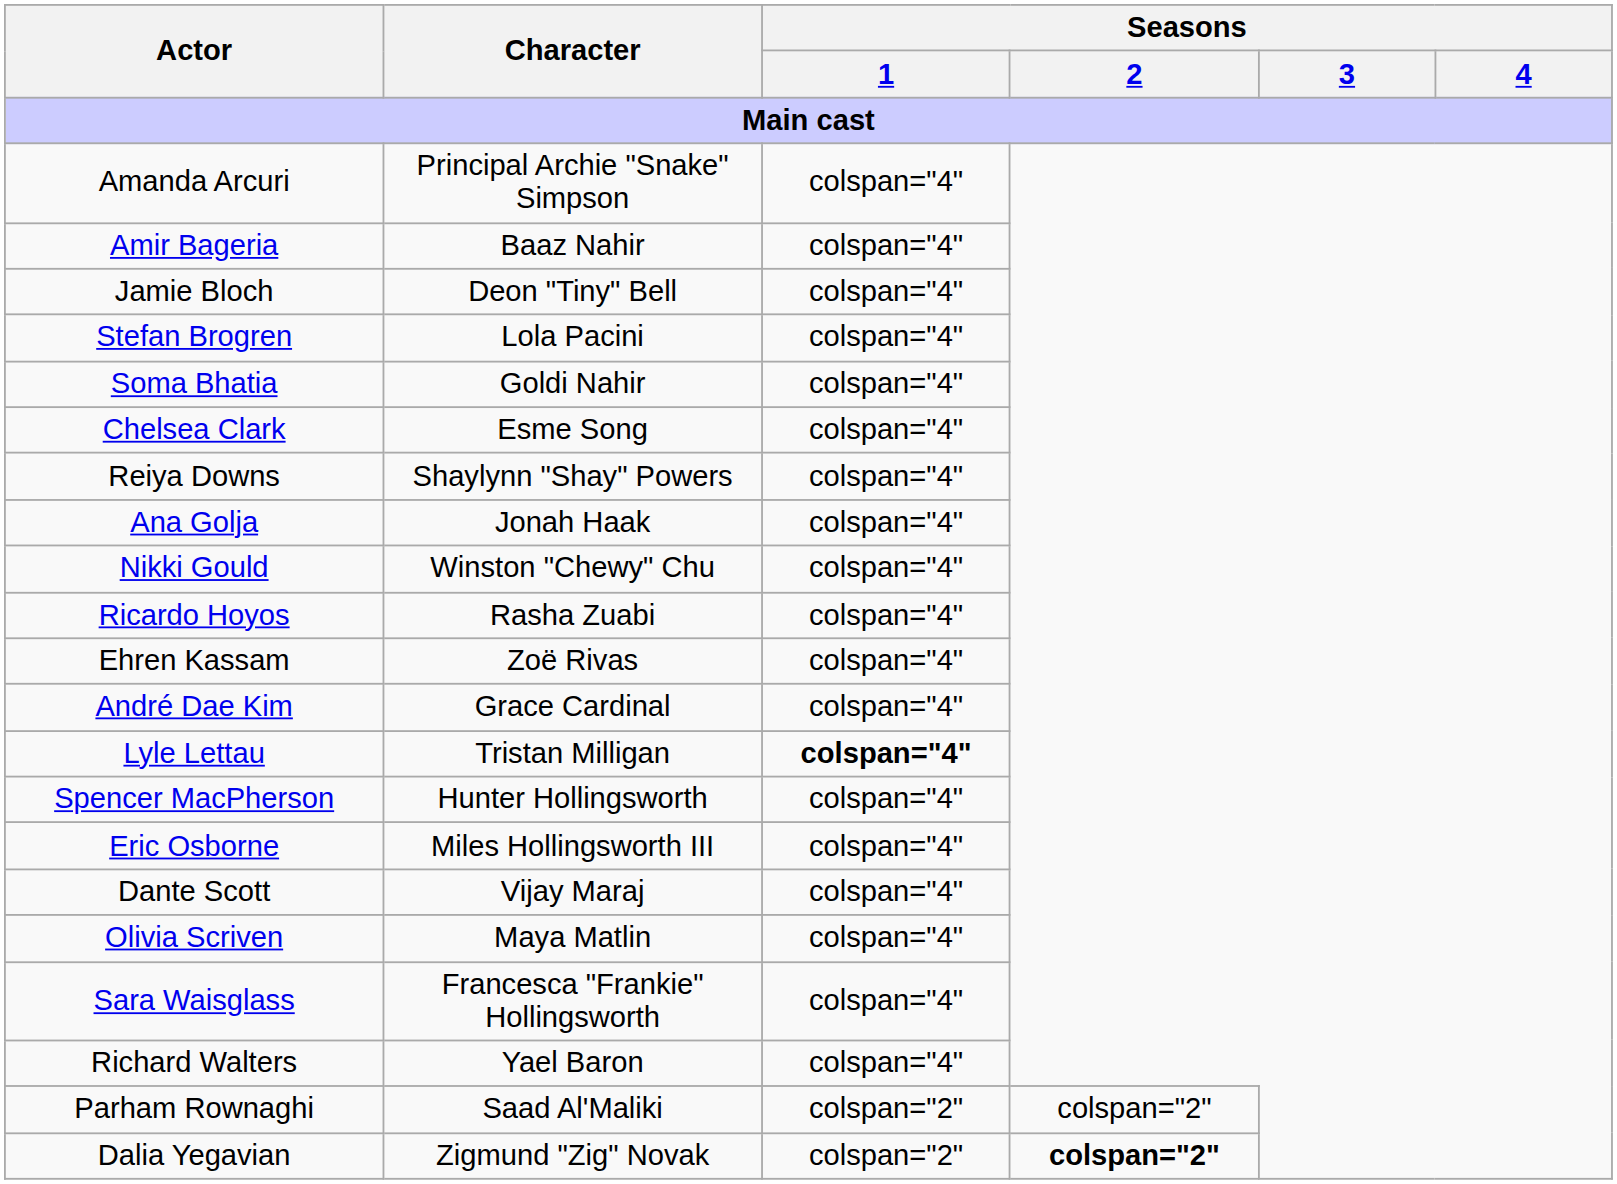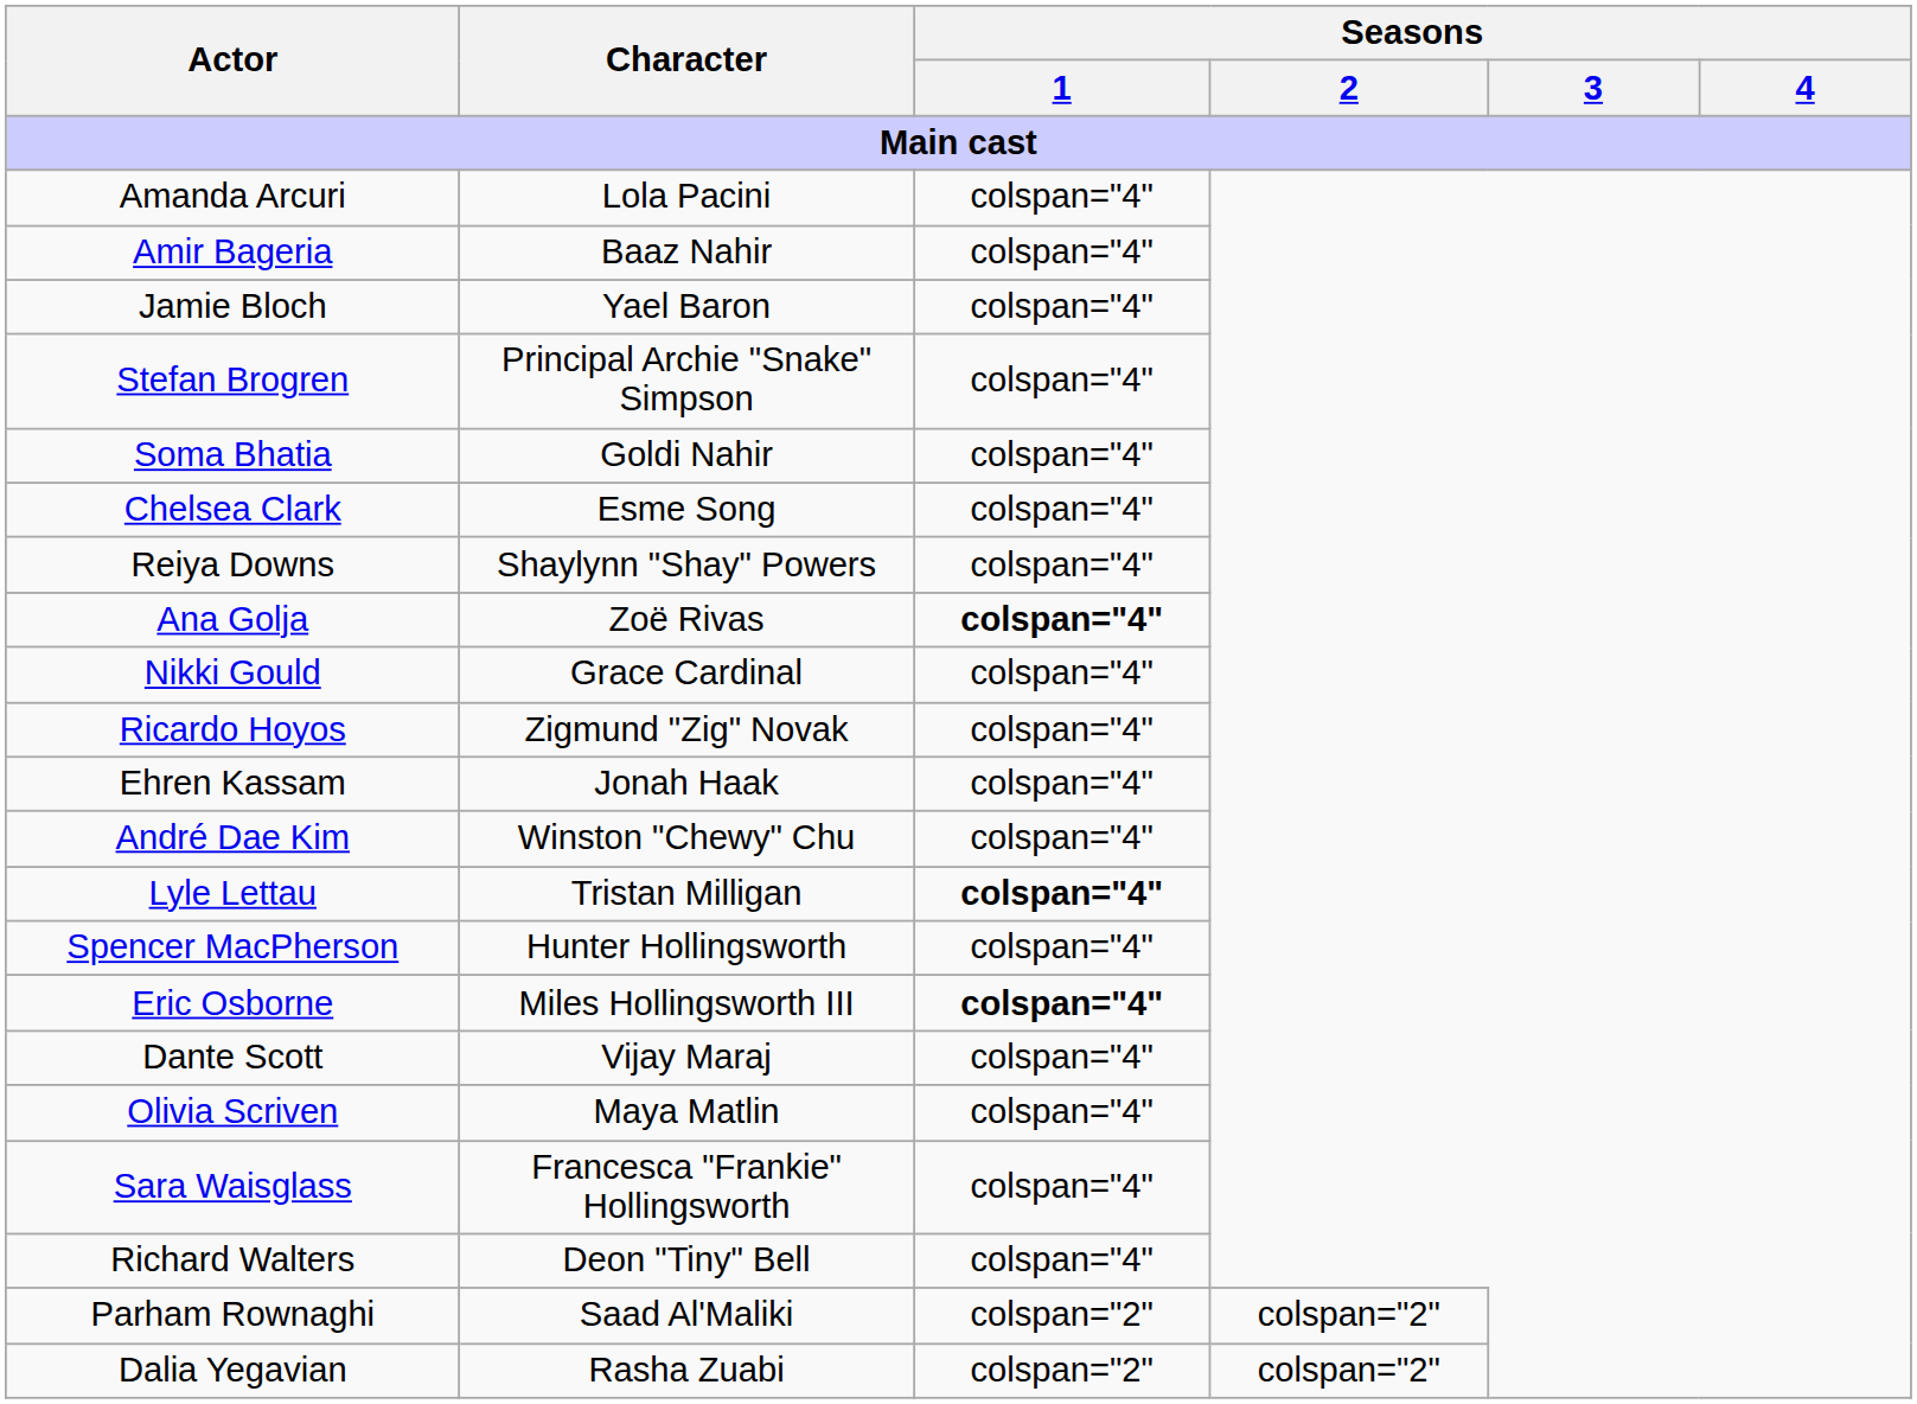 <table class="wikitable plainrowheaders" style="text-align:center; width:100%">
 <tr>
 <th scope="col" rowspan="2" style="width:15%;">Actor</th>
 <th scope="col" rowspan="2" style="width:15%;">Character</th>
 <th scope="col" colspan="4" style="width:35%;">Seasons</th>
 </tr>
 <tr>
 <th scope="col" style="width:7%;"><a href='#'>1</a></th>
 <th scope="col" style="width:7%;"><a href='#'>2</a></th>
 <th scope="col" style="width:7%;"><a href='#'>3</a></th>
 <th scope="col" style="width:7%;"><a href='#'>4</a></th>
 </tr>
 <tr>
 <td colspan="8" scope="row" style="background-color:#ccccff;"><strong>Main cast</strong></td>
 </tr>
 <tr>
 <td scope="row">Amanda Arcuri</td>
-<td>Principal Archie "Snake" Simpson</td>
+<td>Lola Pacini</td>
 <td>colspan="4" </td>
 </tr>
 <tr>
 <td scope="row"><a href='#'>Amir Bageria</a></td>
 <td>Baaz Nahir</td>
 <td>colspan="4" </td>
 </tr>
 <tr>
 <td scope="row">Jamie Bloch</td>
-<td>Deon "Tiny" Bell</td>
+<td>Yael Baron</td>
 <td>colspan="4" </td>
 </tr>
 <tr>
 <td scope="row"><a href='#'>Stefan Brogren</a></td>
-<td>Lola Pacini</td>
+<td>Principal Archie "Snake" Simpson</td>
 <td>colspan="4" </td>
 </tr>
 <tr>
 <td scope="row"><a href='#'>Soma Bhatia</a></td>
 <td>Goldi Nahir</td>
 <td>colspan="4" </td>
 </tr>
 <tr>
 <td scope="row"><a href='#'>Chelsea Clark</a></td>
 <td>Esme Song</td>
 <td>colspan="4" </td>
 </tr>
 <tr>
 <td scope="row">Reiya Downs</td>
 <td>Shaylynn "Shay" Powers</td>
 <td>colspan="4" </td>
 </tr>
 <tr>
 <td scope="row"><a href='#'>Ana Golja</a></td>
+<td>Zoë Rivas</td>
+<td><strong>colspan="4" </strong></td>
+</tr>
+<tr>
+<td scope="row"><a href='#'>Nikki Gould</a></td>
+<td>Grace Cardinal</td>
+<td>colspan="4" </td>
+</tr>
+<tr>
+<td scope="row"><a href='#'>Ricardo Hoyos</a></td>
+<td>Zigmund "Zig" Novak</td>
+<td>colspan="4" </td>
+</tr>
+<tr>
+<td scope="row">Ehren Kassam</td>
 <td>Jonah Haak</td>
 <td>colspan="4" </td>
 </tr>
 <tr>
-<td scope="row"><a href='#'>Nikki Gould</a></td>
+<td scope="row"><a href='#'>André Dae Kim</a></td>
 <td>Winston "Chewy" Chu</td>
-<td>colspan="4" </td>
-</tr>
-<tr>
-<td scope="row"><a href='#'>Ricardo Hoyos</a></td>
-<td>Rasha Zuabi</td>
-<td>colspan="4" </td>
-</tr>
-<tr>
-<td scope="row">Ehren Kassam</td>
-<td>Zoë Rivas</td>
-<td>colspan="4" </td>
-</tr>
-<tr>
-<td scope="row"><a href='#'>André Dae Kim</a></td>
-<td>Grace Cardinal</td>
 <td>colspan="4" </td>
 </tr>
 <tr>
 <td scope="row"><a href='#'>Lyle Lettau</a></td>
 <td>Tristan Milligan</td>
 <td><strong>colspan="4" </strong></td>
 </tr>
 <tr>
 <td scope="row"><a href='#'>Spencer MacPherson</a></td>
 <td>Hunter Hollingsworth</td>
 <td>colspan="4" </td>
 </tr>
 <tr>
 <td scope="row"><a href='#'>Eric Osborne</a></td>
 <td>Miles Hollingsworth III</td>
-<td>colspan="4" </td>
+<td><strong>colspan="4" </strong></td>
 </tr>
 <tr>
 <td scope="row">Dante Scott</td>
 <td>Vijay Maraj</td>
 <td>colspan="4" </td>
 </tr>
 <tr>
 <td scope="row"><a href='#'>Olivia Scriven</a></td>
 <td>Maya Matlin</td>
 <td>colspan="4" </td>
 </tr>
 <tr>
 <td scope="row"><a href='#'>Sara Waisglass</a></td>
 <td>Francesca "Frankie" Hollingsworth</td>
 <td>colspan="4" </td>
 </tr>
 <tr>
 <td scope="row">Richard Walters</td>
-<td>Yael Baron</td>
+<td>Deon "Tiny" Bell</td>
 <td>colspan="4" </td>
 </tr>
 <tr>
 <td scope="row">Parham Rownaghi</td>
 <td>Saad Al'Maliki</td>
 <td>colspan="2" </td>
 <td>colspan="2" </td>
 </tr>
 <tr>
 <td scope="row">Dalia Yegavian</td>
-<td>Zigmund "Zig" Novak</td>
+<td>Rasha Zuabi</td>
 <td>colspan="2" </td>
-<td><strong>colspan="2" </strong></td>
+<td>colspan="2" </td>
 </tr>
 </table>
